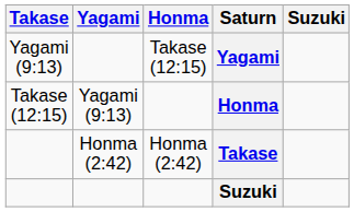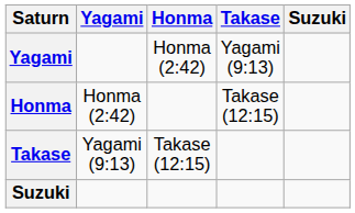 <table class="wikitable" style="text-align:center; margin: 1em auto 1em auto">
 <tr>
-<th><a href='#'>Takase</a></th>
+<th>Saturn</th>
 <th><a href='#'>Yagami</a></th>
 <th><a href='#'>Honma</a></th>
-<th>Saturn</th>
+<th><a href='#'>Takase</a></th>
 <th>Suzuki</th>
 </tr>
 <tr>
+<th><a href='#'>Yagami</a></th>
+<td></td>
+<td>Honma<br>(2:42)</td>
 <td>Yagami<br>(9:13)</td>
-<td></td>
-<td>Takase<br>(12:15)</td>
-<th><a href='#'>Yagami</a></th>
 <td></td>
 </tr>
 <tr>
+<th><a href='#'>Honma</a></th>
+<td>Honma<br>(2:42)</td>
+<td></td>
 <td>Takase<br>(12:15)</td>
-<td>Yagami<br>(9:13)</td>
-<td></td>
-<th><a href='#'>Honma</a></th>
 <td></td>
 </tr>
 <tr>
+<th><a href='#'>Takase</a></th>
+<td>Yagami<br>(9:13)</td>
+<td>Takase<br>(12:15)</td>
 <td></td>
-<td>Honma<br>(2:42)</td>
-<td>Honma<br>(2:42)</td>
-<th><a href='#'>Takase</a></th>
 <td></td>
 </tr>
 <tr>
+<th>Suzuki</th>
 <td></td>
 <td></td>
 <td></td>
-<th>Suzuki</th>
 <td></td>
 </tr>
 </table>
